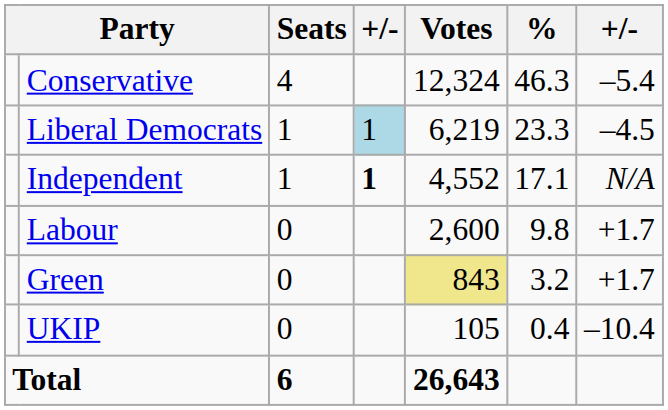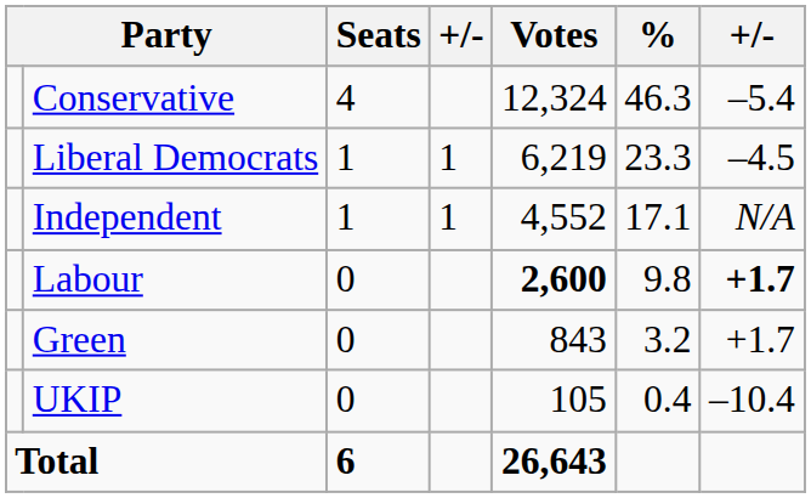 <table class="wikitable sortable">
 <tr>
 <th colspan="2">Party</th>
 <th>Seats</th>
 <th>+/-</th>
 <th>Votes</th>
 <th>%</th>
 <th>+/-</th>
 </tr>
 <tr>
 <td style="background-color: "></td>
 <td><a href='#'>Conservative</a></td>
 <td>4</td>
 <td></td>
 <td style="text-align:right;">12,324</td>
 <td style="text-align:right;">46.3</td>
 <td style="text-align:right;">–5.4</td>
 </tr>
 <tr>
 <td style="background-color: "></td>
 <td><a href='#'>Liberal Democrats</a></td>
 <td>1</td>
-<td style="background: lightblue;"> 1</td>
+<td> 1</td>
 <td style="text-align:right;">6,219</td>
 <td style="text-align:right;">23.3</td>
 <td style="text-align:right;">–4.5</td>
 </tr>
 <tr>
 <td style="background-color: "></td>
 <td><a href='#'>Independent</a></td>
 <td>1</td>
-<td><strong> 1</strong></td>
+<td> 1</td>
 <td style="text-align:right;">4,552</td>
 <td style="text-align:right;">17.1</td>
 <td style="text-align:right;"><em>N/A</em></td>
 </tr>
 <tr>
 <td style="background-color: "></td>
 <td><a href='#'>Labour</a></td>
 <td>0</td>
 <td></td>
-<td style="text-align:right;">2,600</td>
+<td style="text-align:right;"><strong>2,600</strong></td>
 <td style="text-align:right;">9.8</td>
-<td style="text-align:right;">+1.7</td>
+<td style="text-align:right;"><strong>+1.7</strong></td>
 </tr>
 <tr>
 <td style="background-color: "></td>
 <td><a href='#'>Green</a></td>
 <td>0</td>
 <td></td>
-<td style="background: khaki; text-align:right;">843</td>
+<td style="text-align:right;">843</td>
 <td style="text-align:right;">3.2</td>
 <td style="text-align:right;">+1.7</td>
 </tr>
 <tr>
 <td style="background-color: "></td>
 <td><a href='#'>UKIP</a></td>
 <td>0</td>
 <td></td>
 <td style="text-align:right;">105</td>
 <td style="text-align:right;">0.4</td>
 <td style="text-align:right;">–10.4</td>
 </tr>
 <tr>
 <td colspan="2"><strong>Total</strong></td>
 <td><strong>6</strong></td>
 <td></td>
 <td style="text-align:right;"><strong>26,643</strong></td>
 <td style="text-align:right;"></td>
 <td style="text-align:right;"></td>
 </tr>
 </table>
